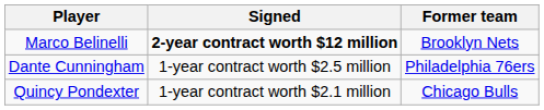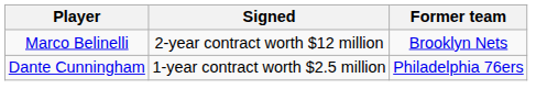 <table class="wikitable sortable sortable" style="text-align: center">
 <tr>
 <th>Player</th>
 <th>Signed</th>
 <th>Former team</th>
 </tr>
 <tr style="text-align: center">
 <td><a href='#'>Marco Belinelli</a></td>
-<td><strong>2-year contract worth $12 million</strong></td>
+<td>2-year contract worth $12 million</td>
 <td><a href='#'>Brooklyn Nets</a></td>
 </tr>
 <tr style="text-align: center">
 <td><a href='#'>Dante Cunningham</a></td>
 <td>1-year contract worth $2.5 million</td>
 <td><a href='#'>Philadelphia 76ers</a></td>
 </tr>
-<tr style="text-align: center">
-<td><a href='#'>Quincy Pondexter</a></td>
-<td>1-year contract worth $2.1 million</td>
-<td><a href='#'>Chicago Bulls</a></td>
-</tr>
 </table>
